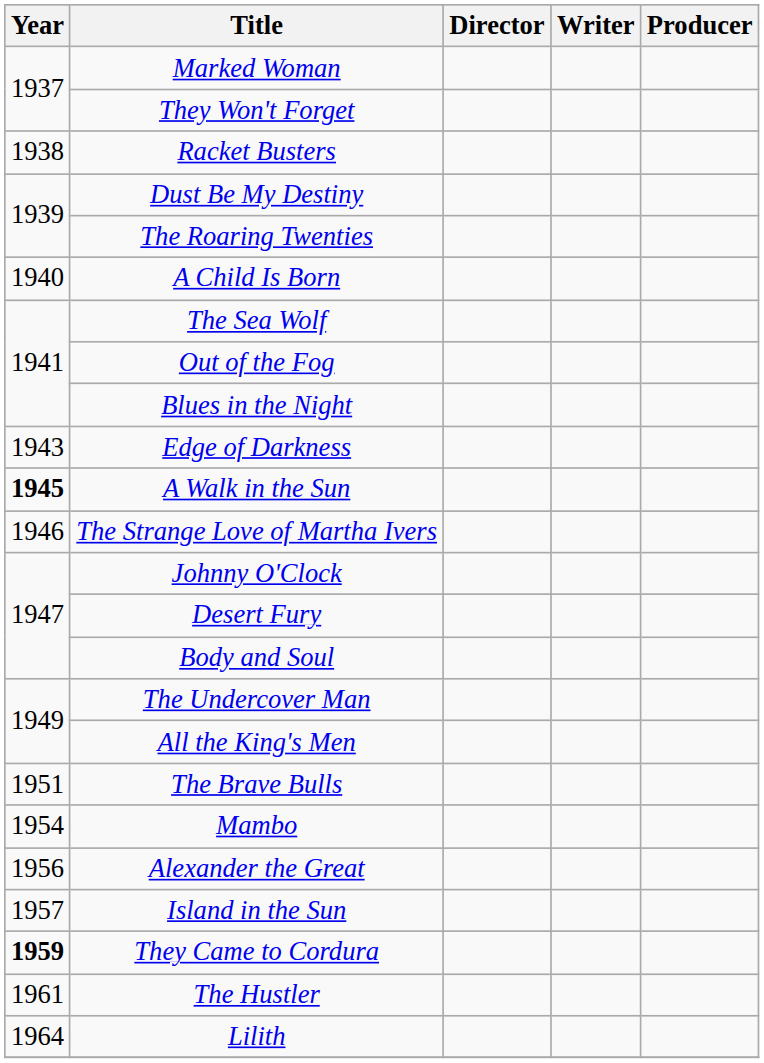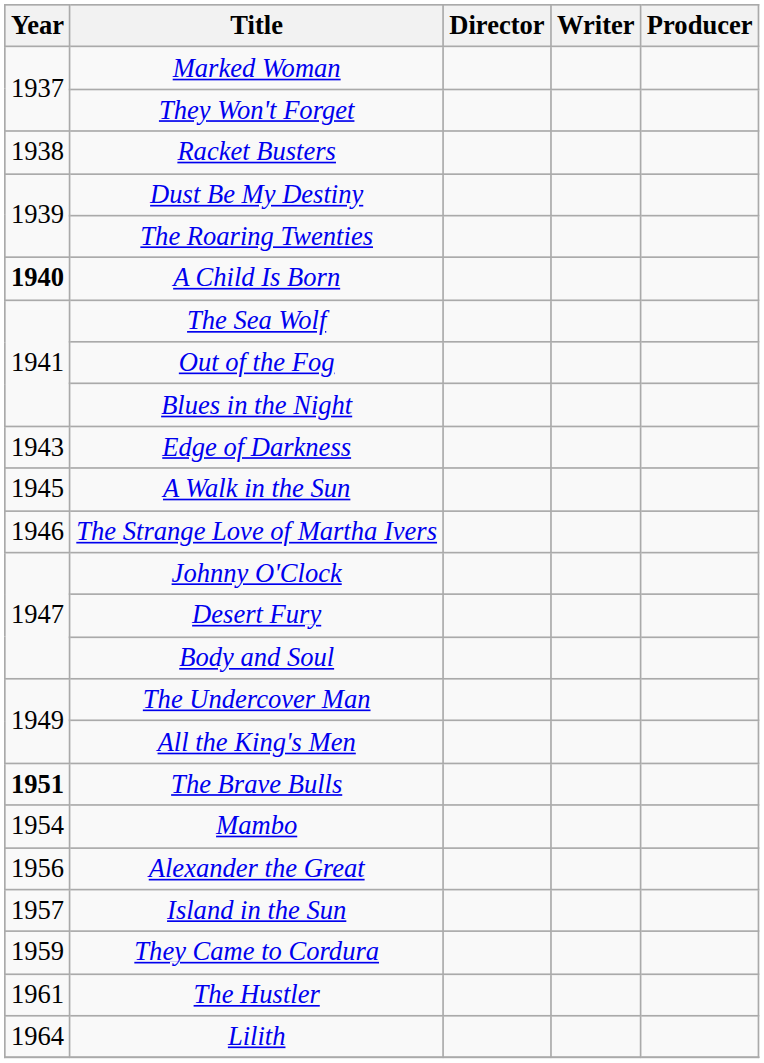 <table class="wikitable" style="text-align:center;">
 <tr>
 <th>Year</th>
 <th>Title</th>
 <th>Director</th>
 <th>Writer</th>
 <th>Producer</th>
 </tr>
 <tr>
 <td rowspan="2">1937</td>
 <td><em><a href='#'>Marked Woman</a></em></td>
 <td></td>
 <td></td>
 <td></td>
 </tr>
 <tr>
 <td><em><a href='#'>They Won't Forget</a></em></td>
 <td></td>
 <td></td>
 <td></td>
 </tr>
 <tr>
 <td>1938</td>
 <td><em><a href='#'>Racket Busters</a></em></td>
 <td></td>
 <td></td>
 <td></td>
 </tr>
 <tr>
 <td rowspan="2">1939</td>
 <td><em><a href='#'>Dust Be My Destiny</a></em></td>
 <td></td>
 <td></td>
 <td></td>
 </tr>
 <tr>
 <td><em><a href='#'>The Roaring Twenties</a></em></td>
 <td></td>
 <td></td>
 <td></td>
 </tr>
 <tr>
-<td>1940</td>
+<td><strong>1940</strong></td>
 <td><em><a href='#'>A Child Is Born</a></em></td>
 <td></td>
 <td></td>
 <td></td>
 </tr>
 <tr>
 <td rowspan="3">1941</td>
 <td><em><a href='#'>The Sea Wolf</a></em></td>
 <td></td>
 <td></td>
 <td></td>
 </tr>
 <tr>
 <td><em><a href='#'>Out of the Fog</a></em></td>
 <td></td>
 <td></td>
 <td></td>
 </tr>
 <tr>
 <td><em><a href='#'>Blues in the Night</a></em></td>
 <td></td>
 <td></td>
 <td></td>
 </tr>
 <tr>
 <td>1943</td>
 <td><em><a href='#'>Edge of Darkness</a></em></td>
 <td></td>
 <td></td>
 <td></td>
 </tr>
 <tr>
-<td><strong>1945</strong></td>
+<td>1945</td>
 <td><em><a href='#'>A Walk in the Sun</a></em></td>
 <td></td>
 <td></td>
 <td></td>
 </tr>
 <tr>
 <td>1946</td>
 <td><em><a href='#'>The Strange Love of Martha Ivers</a></em></td>
 <td></td>
 <td></td>
 <td></td>
 </tr>
 <tr>
 <td rowspan="3">1947</td>
 <td><em><a href='#'>Johnny O'Clock</a></em></td>
 <td></td>
 <td></td>
 <td></td>
 </tr>
 <tr>
 <td><em><a href='#'>Desert Fury</a></em></td>
 <td></td>
 <td></td>
 <td></td>
 </tr>
 <tr>
 <td><em><a href='#'>Body and Soul</a></em></td>
 <td></td>
 <td></td>
 <td></td>
 </tr>
 <tr>
 <td rowspan=2>1949</td>
 <td><em><a href='#'>The Undercover Man</a></em></td>
 <td></td>
 <td></td>
 <td></td>
 </tr>
 <tr>
 <td><em><a href='#'>All the King's Men</a></em></td>
 <td></td>
 <td></td>
 <td></td>
 </tr>
 <tr>
-<td>1951</td>
+<td><strong>1951</strong></td>
 <td><em><a href='#'>The Brave Bulls</a></em></td>
 <td></td>
 <td></td>
 <td></td>
 </tr>
 <tr>
 <td>1954</td>
 <td><em><a href='#'>Mambo</a></em></td>
 <td></td>
 <td></td>
 <td></td>
 </tr>
 <tr>
 <td>1956</td>
 <td><em><a href='#'>Alexander the Great</a></em></td>
 <td></td>
 <td></td>
 <td></td>
 </tr>
 <tr>
 <td>1957</td>
 <td><em><a href='#'>Island in the Sun</a></em></td>
 <td></td>
 <td></td>
 <td></td>
 </tr>
 <tr>
-<td><strong>1959</strong></td>
+<td>1959</td>
 <td><em><a href='#'>They Came to Cordura</a></em></td>
 <td></td>
 <td></td>
 <td></td>
 </tr>
 <tr>
 <td>1961</td>
 <td><em><a href='#'>The Hustler</a></em></td>
 <td></td>
 <td></td>
 <td></td>
 </tr>
 <tr>
 <td>1964</td>
 <td><em><a href='#'>Lilith</a></em></td>
 <td></td>
 <td></td>
 <td></td>
 </tr>
 <tr>
 </tr>
 </table>
